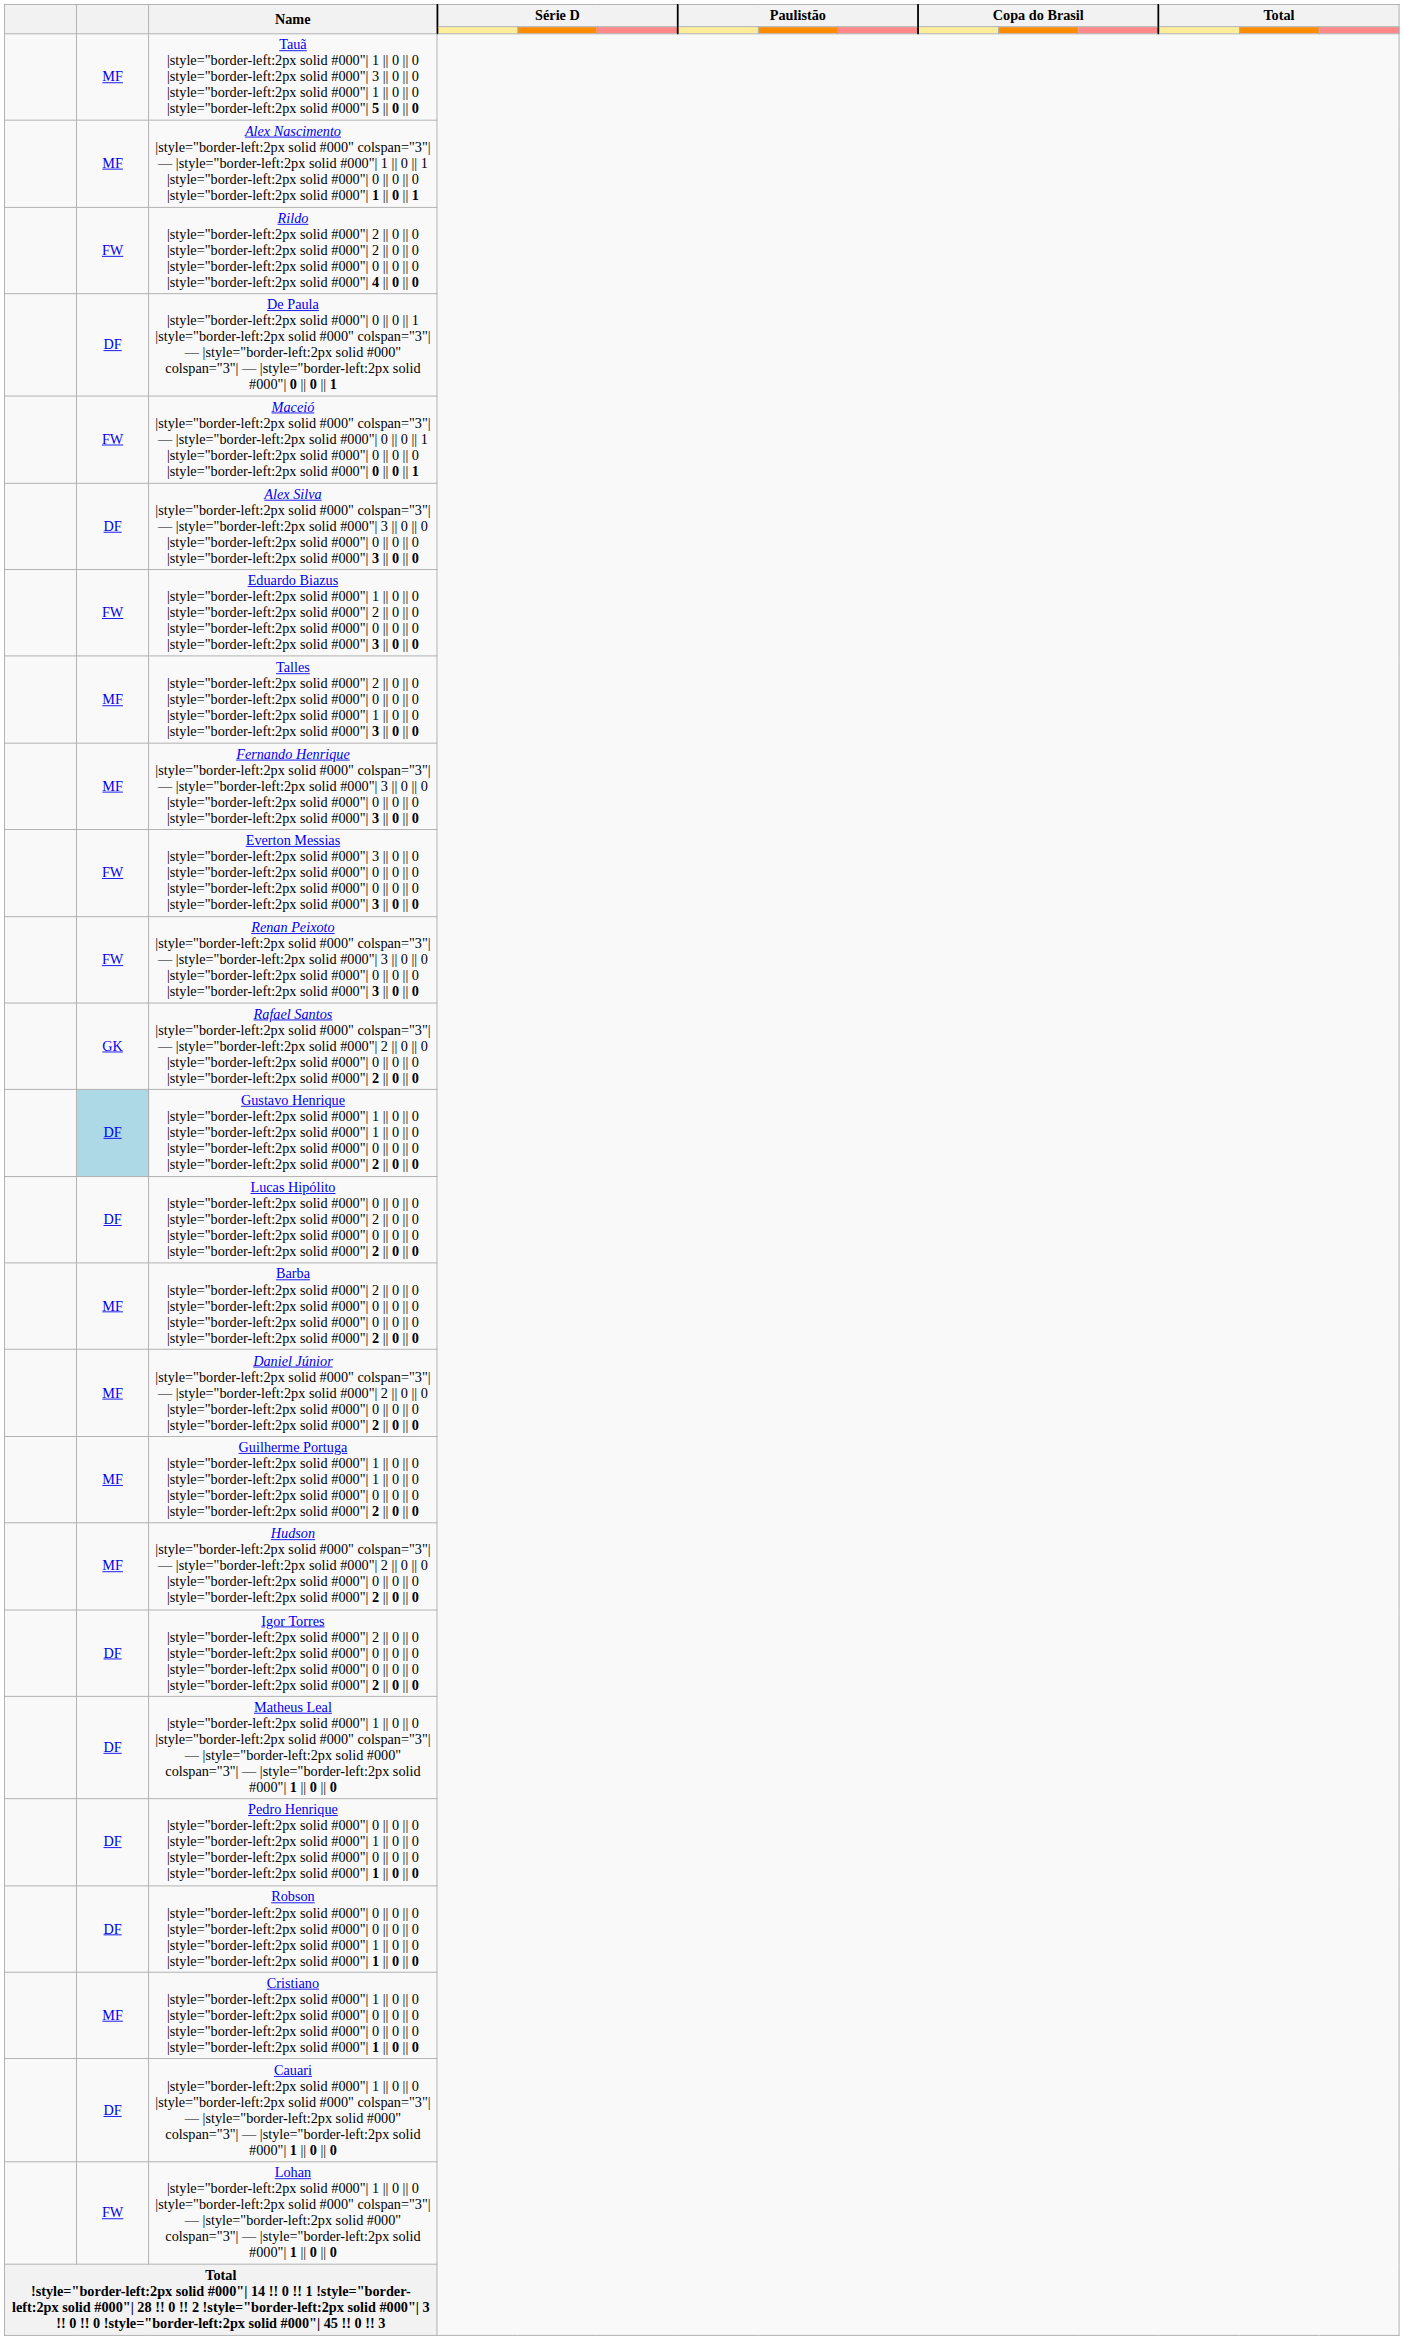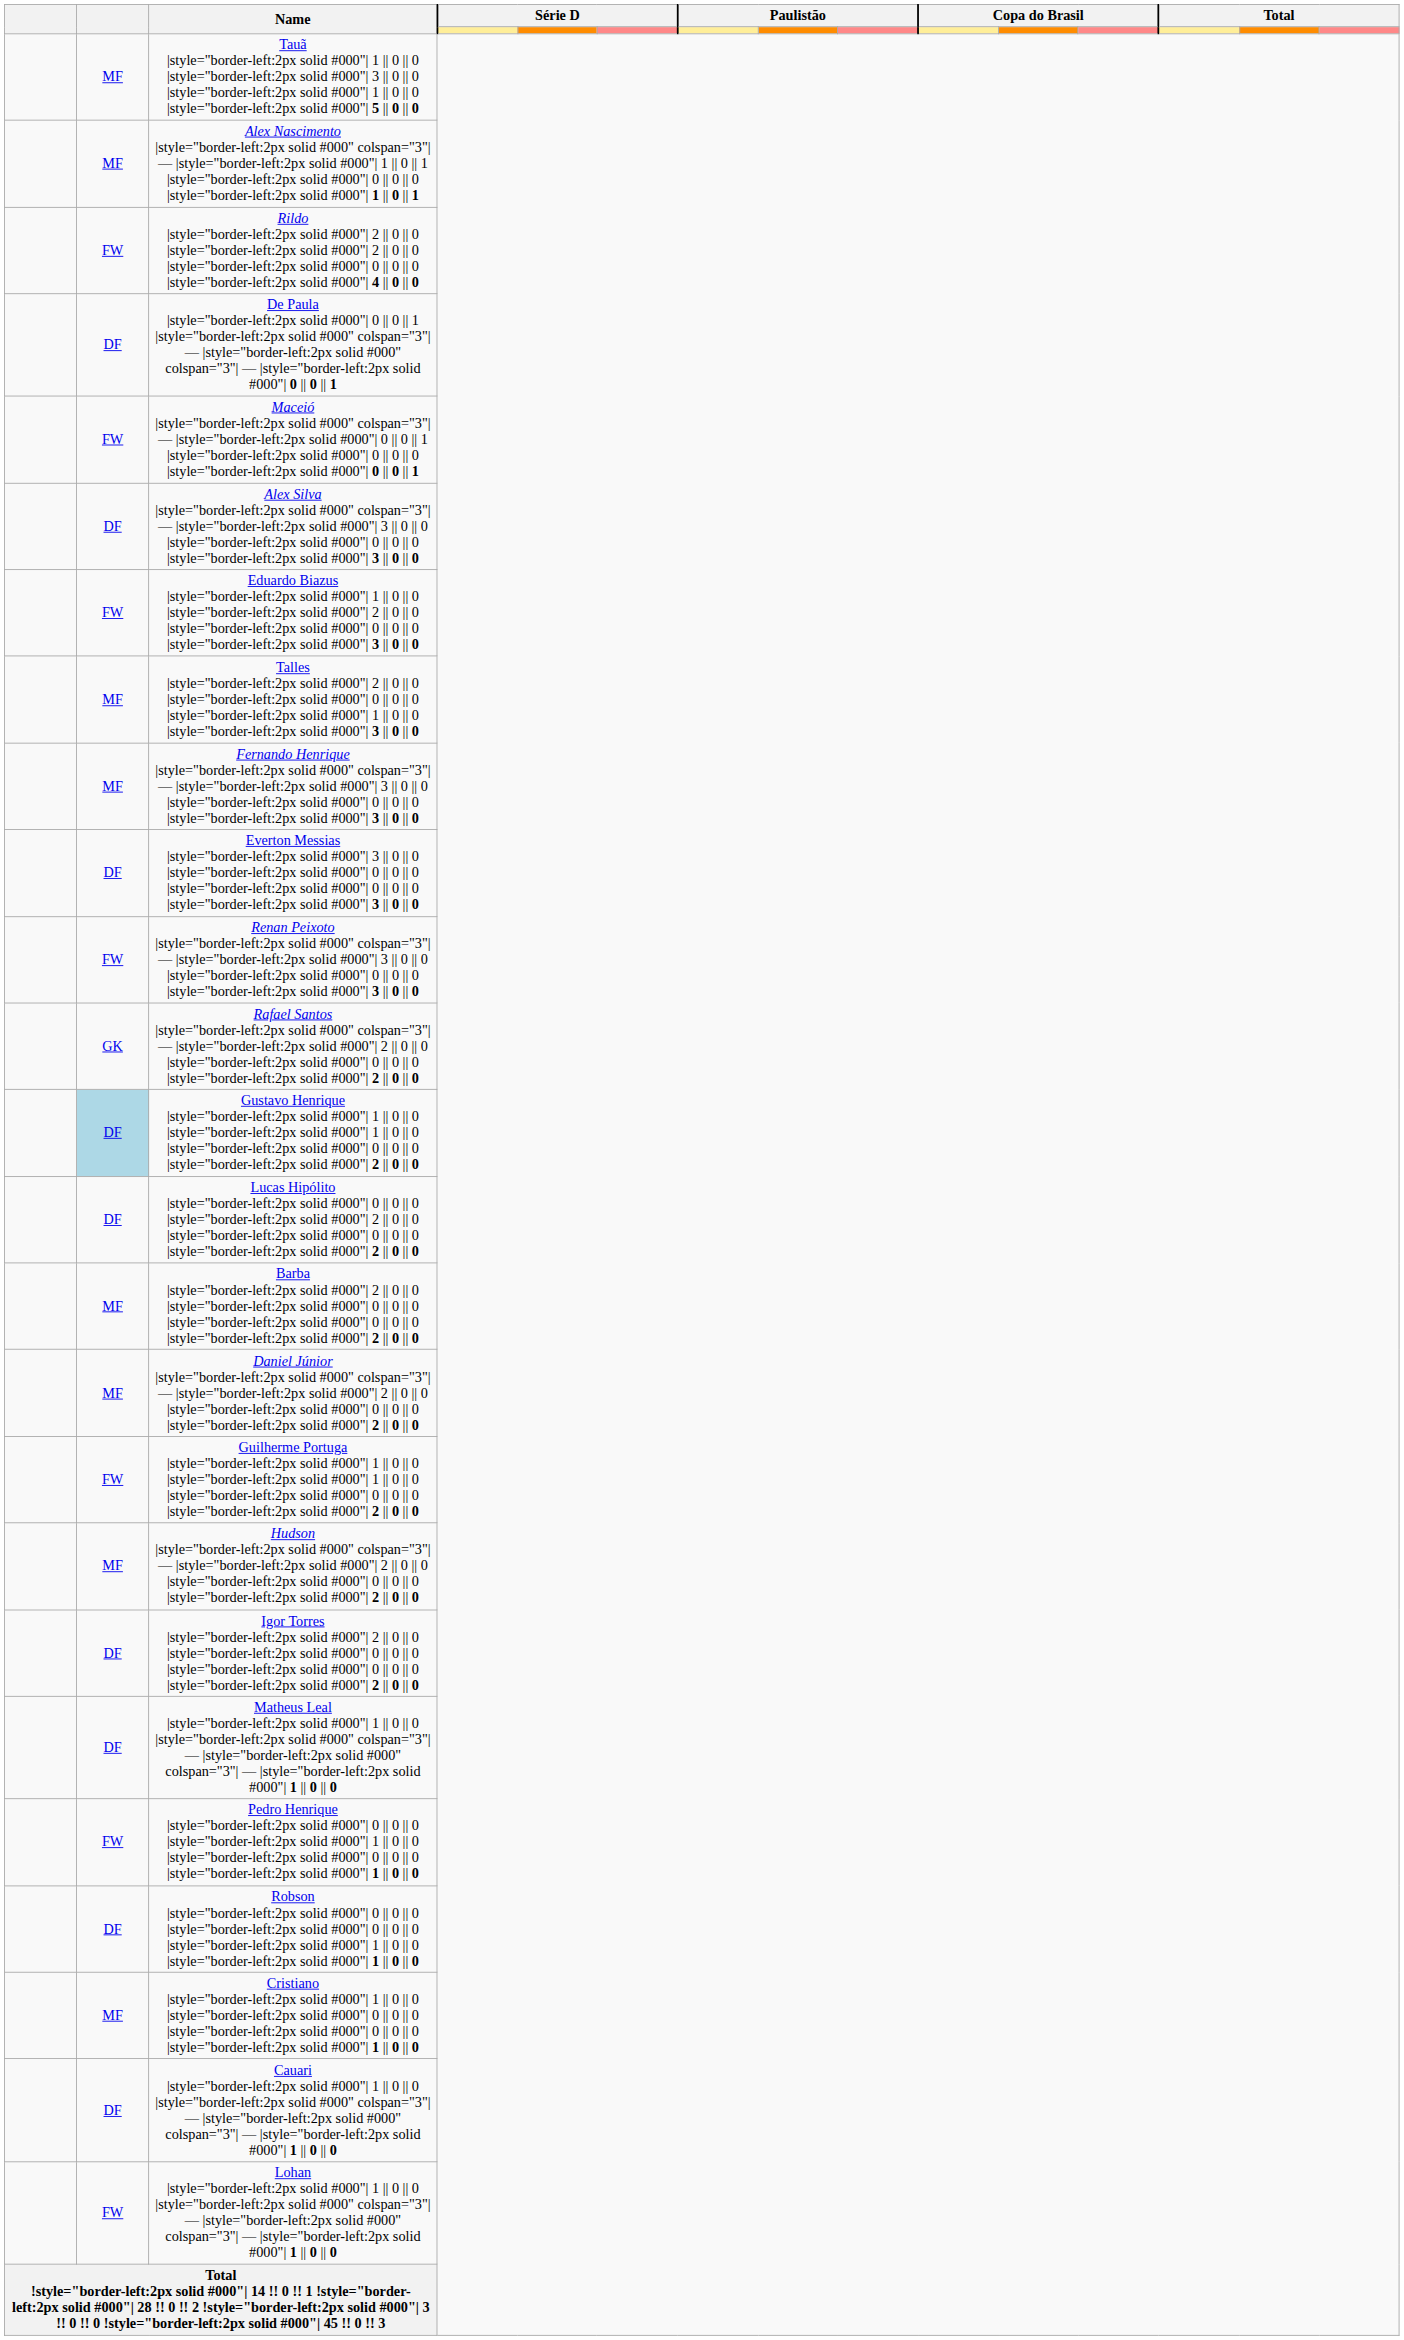 <table class="wikitable" style="text-align:center">
 <tr>
 <th rowspan="2" style="width:3%; "></th>
 <th rowspan="2" style="width:3%; "></th>
 <th rowspan="2" style="width:12%; ">Name</th>
 <th colspan="3" style="width:10%; border-left:2px solid #000">Série D</th>
 <th colspan="3" style="width:10%; border-left:2px solid #000">Paulistão</th>
 <th colspan="3" style="width:10%; border-left:2px solid #000">Copa do Brasil</th>
 <th colspan="3" style="width:10%; border-left:2px solid #000">Total</th>
 </tr>
 <tr>
 <th style="width:20px; background:#fe9; border-left:2px solid #000"></th>
 <th style="width:20px; background:#ff8c00;"></th>
 <th style="width:20px; background:#ff8888;"></th>
 <th style="width:20px; background:#fe9; border-left:2px solid #000"></th>
 <th style="width:20px; background:#ff8c00;"></th>
 <th style="width:20px; background:#ff8888;"></th>
 <th style="width:20px; background:#fe9; border-left:2px solid #000"></th>
 <th style="width:20px; background:#ff8c00;"></th>
 <th style="width:20px; background:#ff8888;"></th>
 <th style="width:20px; background:#fe9; border-left:2px solid #000"></th>
 <th style="width:20px; background:#ff8c00;"></th>
 <th style="width:20px; background:#ff8888;"></th>
 </tr>
 <tr>
 <td></td>
 <td><a href='#'>MF</a></td>
 <td><a href='#'>Tauã</a><br> |style="border-left:2px solid #000"| 1 || 0 || 0  |style="border-left:2px solid #000"| 3 || 0 || 0  |style="border-left:2px solid #000"| 1 || 0 || 0   |style="border-left:2px solid #000"| <strong>5</strong> || <strong>0</strong> || <strong>0</strong></td>
 </tr>
 <tr>
 <td></td>
 <td><a href='#'>MF</a></td>
 <td><em><a href='#'>Alex Nascimento</a></em><br> |style="border-left:2px solid #000" colspan="3"| —  |style="border-left:2px solid #000"| 1 || 0 || 1  |style="border-left:2px solid #000"| 0 || 0 || 0   |style="border-left:2px solid #000"| <strong>1</strong> || <strong>0</strong> || <strong>1</strong></td>
 </tr>
 <tr>
 <td></td>
 <td><a href='#'>FW</a></td>
 <td><em><a href='#'>Rildo</a></em><br> |style="border-left:2px solid #000"| 2 || 0 || 0  |style="border-left:2px solid #000"| 2 || 0 || 0  |style="border-left:2px solid #000"| 0 || 0 || 0   |style="border-left:2px solid #000"| <strong>4</strong> || <strong>0</strong> || <strong>0</strong></td>
 </tr>
 <tr>
 <td></td>
 <td><a href='#'>DF</a></td>
 <td><a href='#'>De Paula</a><br> |style="border-left:2px solid #000"| 0 || 0 || 1  |style="border-left:2px solid #000" colspan="3"| —  |style="border-left:2px solid #000" colspan="3"| —  |style="border-left:2px solid #000"| <strong>0</strong> || <strong>0</strong> || <strong>1</strong></td>
 </tr>
 <tr>
 <td></td>
 <td><a href='#'>FW</a></td>
 <td><em><a href='#'>Maceió</a></em><br> |style="border-left:2px solid #000" colspan="3"| —  |style="border-left:2px solid #000"| 0 || 0 || 1  |style="border-left:2px solid #000"| 0 || 0 || 0   |style="border-left:2px solid #000"| <strong>0</strong> || <strong>0</strong> || <strong>1</strong></td>
 </tr>
 <tr>
 <td></td>
 <td><a href='#'>DF</a></td>
 <td><em><a href='#'>Alex Silva</a></em><br> |style="border-left:2px solid #000" colspan="3"| —  |style="border-left:2px solid #000"| 3 || 0 || 0  |style="border-left:2px solid #000"| 0 || 0 || 0   |style="border-left:2px solid #000"| <strong>3</strong> || <strong>0</strong> || <strong>0</strong></td>
 </tr>
 <tr>
 <td></td>
 <td><a href='#'>FW</a></td>
 <td><a href='#'>Eduardo Biazus</a><br> |style="border-left:2px solid #000"| 1 || 0 || 0  |style="border-left:2px solid #000"| 2 || 0 || 0  |style="border-left:2px solid #000"| 0 || 0 || 0   |style="border-left:2px solid #000"| <strong>3</strong> || <strong>0</strong> || <strong>0</strong></td>
 </tr>
 <tr>
 <td></td>
 <td><a href='#'>MF</a></td>
 <td><a href='#'>Talles</a><br> |style="border-left:2px solid #000"| 2 || 0 || 0  |style="border-left:2px solid #000"| 0 || 0 || 0  |style="border-left:2px solid #000"| 1 || 0 || 0   |style="border-left:2px solid #000"| <strong>3</strong> || <strong>0</strong> || <strong>0</strong></td>
 </tr>
 <tr>
 <td></td>
 <td><a href='#'>MF</a></td>
 <td><em><a href='#'>Fernando Henrique</a></em><br> |style="border-left:2px solid #000" colspan="3"| —  |style="border-left:2px solid #000"| 3 || 0 || 0  |style="border-left:2px solid #000"| 0 || 0 || 0   |style="border-left:2px solid #000"| <strong>3</strong> || <strong>0</strong> || <strong>0</strong></td>
 </tr>
 <tr>
 <td></td>
-<td><a href='#'>FW</a></td>
+<td><a href='#'>DF</a></td>
 <td><a href='#'>Everton Messias</a><br> |style="border-left:2px solid #000"| 3 || 0 || 0  |style="border-left:2px solid #000"| 0 || 0 || 0  |style="border-left:2px solid #000"| 0 || 0 || 0   |style="border-left:2px solid #000"| <strong>3</strong> || <strong>0</strong> || <strong>0</strong></td>
 </tr>
 <tr>
 <td></td>
 <td><a href='#'>FW</a></td>
 <td><em><a href='#'>Renan Peixoto</a></em><br> |style="border-left:2px solid #000" colspan="3"| —  |style="border-left:2px solid #000"| 3 || 0 || 0  |style="border-left:2px solid #000"| 0 || 0 || 0   |style="border-left:2px solid #000"| <strong>3</strong> || <strong>0</strong> || <strong>0</strong></td>
 </tr>
 <tr>
 <td></td>
 <td><a href='#'>GK</a></td>
 <td><em><a href='#'>Rafael Santos</a></em><br> |style="border-left:2px solid #000" colspan="3"| —  |style="border-left:2px solid #000"| 2 || 0 || 0  |style="border-left:2px solid #000"| 0 || 0 || 0   |style="border-left:2px solid #000"| <strong>2</strong> || <strong>0</strong> || <strong>0</strong></td>
 </tr>
 <tr>
 <td></td>
 <td style="background: lightblue;"><a href='#'>DF</a></td>
 <td><a href='#'>Gustavo Henrique</a><br> |style="border-left:2px solid #000"| 1 || 0 || 0  |style="border-left:2px solid #000"| 1 || 0 || 0  |style="border-left:2px solid #000"| 0 || 0 || 0   |style="border-left:2px solid #000"| <strong>2</strong> || <strong>0</strong> || <strong>0</strong></td>
 </tr>
 <tr>
 <td></td>
 <td><a href='#'>DF</a></td>
 <td><a href='#'>Lucas Hipólito</a><br> |style="border-left:2px solid #000"| 0 || 0 || 0  |style="border-left:2px solid #000"| 2 || 0 || 0  |style="border-left:2px solid #000"| 0 || 0 || 0   |style="border-left:2px solid #000"| <strong>2</strong> || <strong>0</strong> || <strong>0</strong></td>
 </tr>
 <tr>
 <td></td>
 <td><a href='#'>MF</a></td>
 <td><a href='#'>Barba</a><br> |style="border-left:2px solid #000"| 2 || 0 || 0  |style="border-left:2px solid #000"| 0 || 0 || 0  |style="border-left:2px solid #000"| 0 || 0 || 0   |style="border-left:2px solid #000"| <strong>2</strong> || <strong>0</strong> || <strong>0</strong></td>
 </tr>
 <tr>
 <td></td>
 <td><a href='#'>MF</a></td>
 <td><em><a href='#'>Daniel Júnior</a></em><br> |style="border-left:2px solid #000" colspan="3"| —  |style="border-left:2px solid #000"| 2 || 0 || 0  |style="border-left:2px solid #000"| 0 || 0 || 0   |style="border-left:2px solid #000"| <strong>2</strong> || <strong>0</strong> || <strong>0</strong></td>
 </tr>
 <tr>
 <td></td>
-<td><a href='#'>MF</a></td>
+<td><a href='#'>FW</a></td>
 <td><a href='#'>Guilherme Portuga</a><br> |style="border-left:2px solid #000"| 1 || 0 || 0  |style="border-left:2px solid #000"| 1 || 0 || 0  |style="border-left:2px solid #000"| 0 || 0 || 0   |style="border-left:2px solid #000"| <strong>2</strong> || <strong>0</strong> || <strong>0</strong></td>
 </tr>
 <tr>
 <td></td>
 <td><a href='#'>MF</a></td>
 <td><em><a href='#'>Hudson</a></em><br> |style="border-left:2px solid #000" colspan="3"| —  |style="border-left:2px solid #000"| 2 || 0 || 0  |style="border-left:2px solid #000"| 0 || 0 || 0   |style="border-left:2px solid #000"| <strong>2</strong> || <strong>0</strong> || <strong>0</strong></td>
 </tr>
 <tr>
 <td></td>
 <td><a href='#'>DF</a></td>
 <td><a href='#'>Igor Torres</a><br> |style="border-left:2px solid #000"| 2 || 0 || 0  |style="border-left:2px solid #000"| 0 || 0 || 0  |style="border-left:2px solid #000"| 0 || 0 || 0   |style="border-left:2px solid #000"| <strong>2</strong> || <strong>0</strong> || <strong>0</strong></td>
 </tr>
 <tr>
 <td></td>
 <td><a href='#'>DF</a></td>
 <td><a href='#'>Matheus Leal</a><br> |style="border-left:2px solid #000"| 1 || 0 || 0  |style="border-left:2px solid #000" colspan="3"| —  |style="border-left:2px solid #000" colspan="3"| —  |style="border-left:2px solid #000"| <strong>1</strong> || <strong>0</strong> || <strong>0</strong></td>
 </tr>
 <tr>
 <td></td>
-<td><a href='#'>DF</a></td>
+<td><a href='#'>FW</a></td>
 <td><a href='#'>Pedro Henrique</a><br> |style="border-left:2px solid #000"| 0 || 0 || 0  |style="border-left:2px solid #000"| 1 || 0 || 0  |style="border-left:2px solid #000"| 0 || 0 || 0   |style="border-left:2px solid #000"| <strong>1</strong> || <strong>0</strong> || <strong>0</strong></td>
 </tr>
 <tr>
 <td></td>
 <td><a href='#'>DF</a></td>
 <td><a href='#'>Robson</a><br> |style="border-left:2px solid #000"| 0 || 0 || 0  |style="border-left:2px solid #000"| 0 || 0 || 0  |style="border-left:2px solid #000"| 1 || 0 || 0   |style="border-left:2px solid #000"| <strong>1</strong> || <strong>0</strong> || <strong>0</strong></td>
 </tr>
 <tr>
 <td></td>
 <td><a href='#'>MF</a></td>
 <td><a href='#'>Cristiano</a><br> |style="border-left:2px solid #000"| 1 || 0 || 0  |style="border-left:2px solid #000"| 0 || 0 || 0  |style="border-left:2px solid #000"| 0 || 0 || 0   |style="border-left:2px solid #000"| <strong>1</strong> || <strong>0</strong> || <strong>0</strong></td>
 </tr>
 <tr>
 <td></td>
 <td><a href='#'>DF</a></td>
 <td><a href='#'>Cauari</a><br> |style="border-left:2px solid #000"| 1 || 0 || 0  |style="border-left:2px solid #000" colspan="3"| —  |style="border-left:2px solid #000" colspan="3"| —  |style="border-left:2px solid #000"| <strong>1</strong> || <strong>0</strong> || <strong>0</strong></td>
 </tr>
 <tr>
 <td></td>
 <td><a href='#'>FW</a></td>
 <td><a href='#'>Lohan</a><br> |style="border-left:2px solid #000"| 1 || 0 || 0  |style="border-left:2px solid #000" colspan="3"| —  |style="border-left:2px solid #000" colspan="3"| —  |style="border-left:2px solid #000"| <strong>1</strong> || <strong>0</strong> || <strong>0</strong></td>
 </tr>
 <tr>
 <th colspan="3">Total<br> !style="border-left:2px solid #000"| 14 !! 0 !! 1  !style="border-left:2px solid #000"| 28 !! 0 !! 2  !style="border-left:2px solid #000"| 3 !! 0 !! 0  !style="border-left:2px solid #000"| 45 !! 0 !! 3</th>
 </tr>
 </table>
